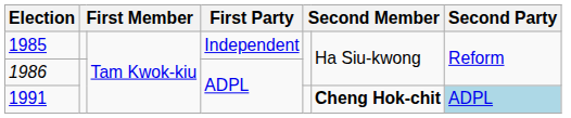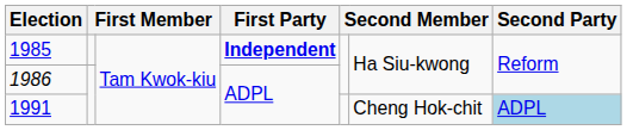 <table class="wikitable">
 <tr>
 <th>Election</th>
 <th colspan="2">First Member</th>
 <th>First Party</th>
 <th colspan="2">Second Member</th>
 <th>Second Party</th>
 </tr>
 <tr>
 <td><a href='#'>1985</a></td>
 <td style="background-color: "></td>
 <td rowspan=3><a href='#'>Tam Kwok-kiu</a></td>
-<td><a href='#'>Independent</a></td>
+<td><strong><a href='#'>Independent</a></strong></td>
 <td rowspan=2 style="background-color: "></td>
 <td rowspan=2>Ha Siu-kwong</td>
 <td rowspan=2><a href='#'>Reform</a></td>
 </tr>
 <tr>
 <td><em>1986</em></td>
 <td rowspan=2 style="background-color: "></td>
 <td rowspan=2><a href='#'>ADPL</a></td>
 </tr>
 <tr>
 <td><a href='#'>1991</a></td>
 <td style="background-color: "></td>
-<td><strong>Cheng Hok-chit</strong></td>
+<td>Cheng Hok-chit</td>
 <td style="background: lightblue;"><a href='#'>ADPL</a></td>
 </tr>
 </table>
